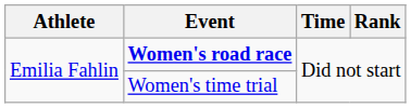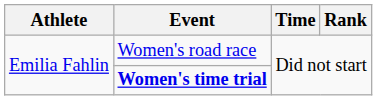 <table class="wikitable" style="font-size:90%">
 <tr>
 <th>Athlete</th>
 <th>Event</th>
 <th>Time</th>
 <th>Rank</th>
 </tr>
 <tr>
 <td align=left rowspan=2><a href='#'>Emilia Fahlin</a></td>
-<td align=left><strong><a href='#'>Women's road race</a></strong></td>
+<td align=left><a href='#'>Women's road race</a></td>
 <td align=center colspan=2 rowspan=2>Did not start</td>
 </tr>
 <tr>
-<td align=left><a href='#'>Women's time trial</a></td>
+<td align=left><strong><a href='#'>Women's time trial</a></strong></td>
 </tr>
 </table>
